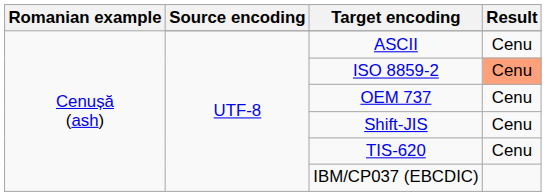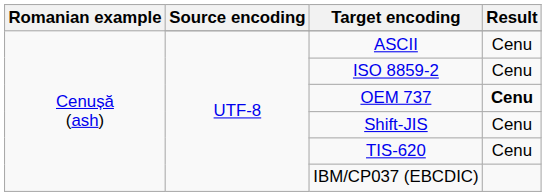 <table class="wikitable" style="text-align: center;">
 <tr>
 <th>Romanian example</th>
 <th>Source encoding</th>
 <th>Target encoding</th>
 <th>Result<br></th>
 </tr>
 <tr>
 <td rowspan="8"><a href='#'>Cenușă</a><br>(<a href='#'>ash</a>)</td>
 </tr>
 <tr>
 <td rowspan="7"><a href='#'>UTF-8</a></td>
 </tr>
 <tr>
 <td><a href='#'>ASCII</a></td>
 <td>Cenu</td>
 </tr>
 <tr>
 <td><a href='#'>ISO 8859-2</a></td>
-<td style="background: lightsalmon;">Cenu</td>
+<td>Cenu</td>
 </tr>
 <tr>
 <td><a href='#'>OEM 737</a></td>
-<td>Cenu</td>
+<td><strong>Cenu</strong></td>
 </tr>
 <tr>
 <td><a href='#'>Shift-JIS</a></td>
 <td>Cenu</td>
 </tr>
 <tr>
 <td><a href='#'>TIS-620</a></td>
 <td>Cenu</td>
 </tr>
 <tr>
 <td>IBM/CP037 (EBCDIC)</td>
 <td></td>
 </tr>
 </table>
